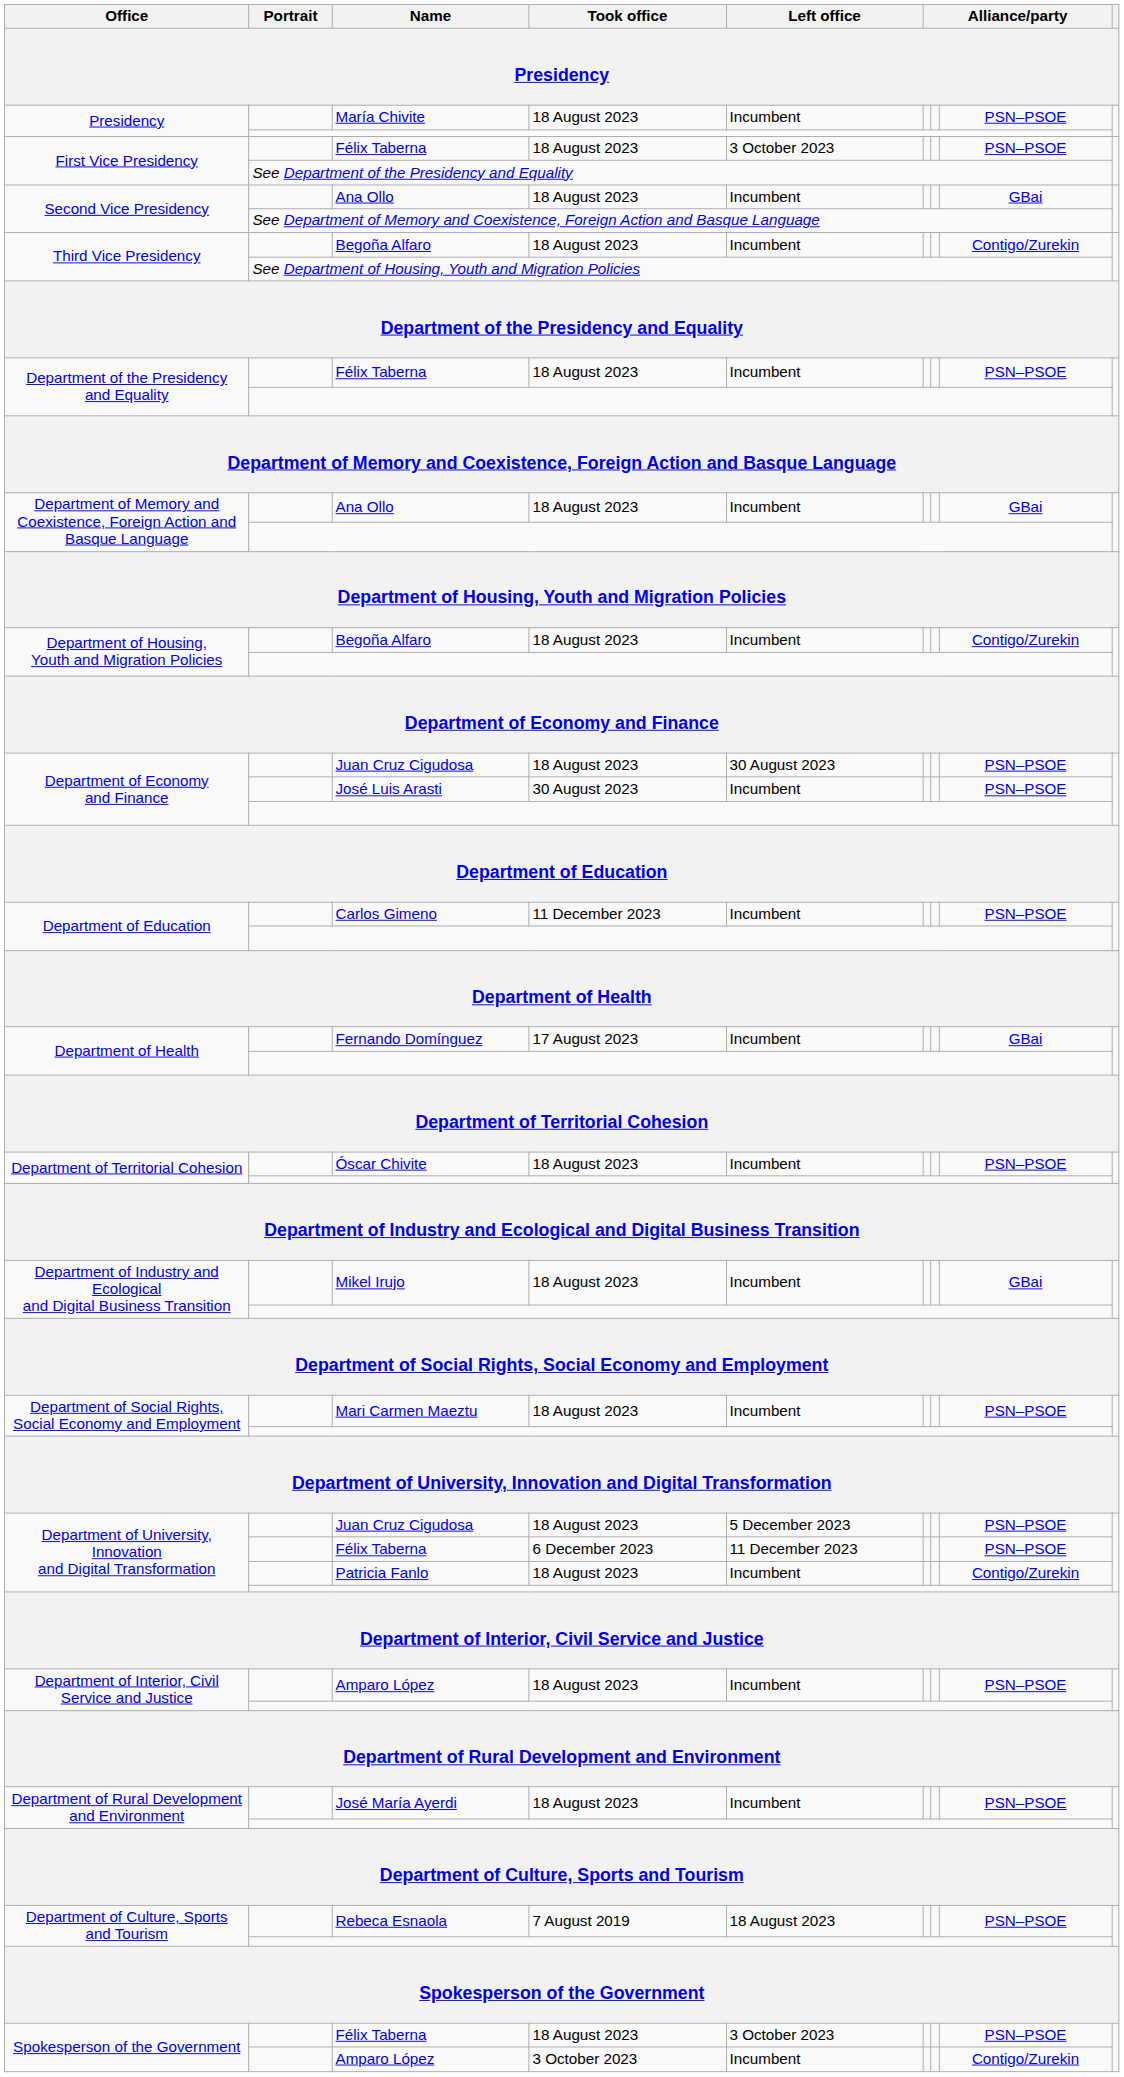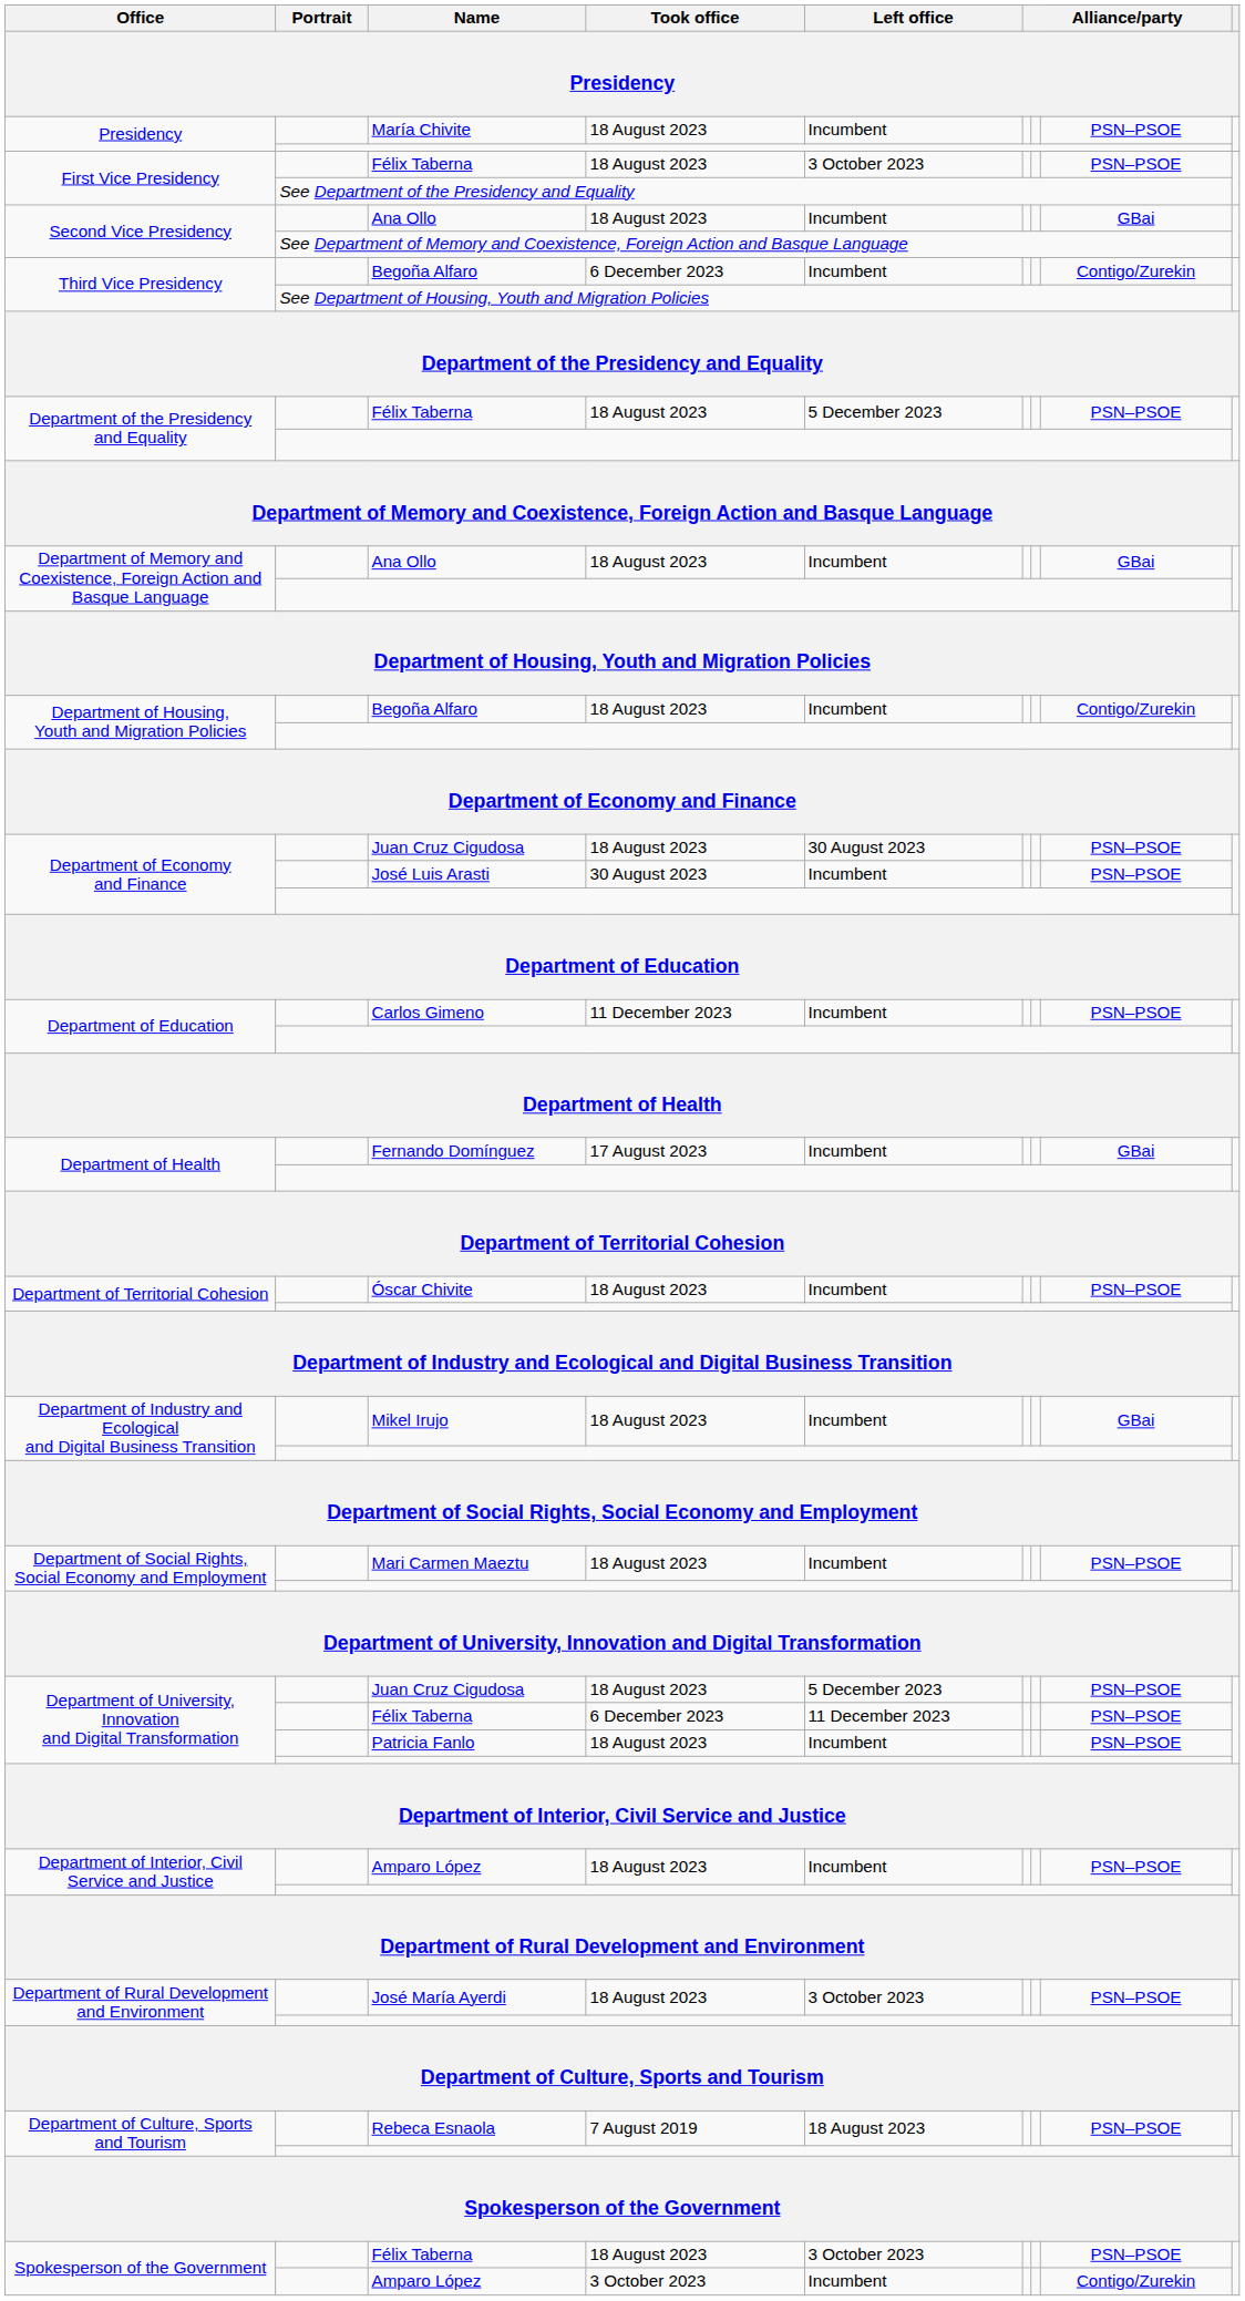 <table class="wikitable" style="line-height:18px;">
 <tr>
 <th scope="col">Office<br></th>
 <th scope="col">Portrait</th>
 <th scope="col">Name</th>
 <th scope="col">Took office</th>
 <th scope="col">Left office</th>
 <th colspan="3" scope="col">Alliance/party</th>
 <th></th>
 </tr>
 <tr>
 <th colspan="9"><br><h3><a href='#'>Presidency</a></h3></th>
 </tr>
 <tr>
 <td align="center" rowspan="2" width="250"><a href='#'>Presidency</a><br></td>
 <td width="80"></td>
 <td width="200"><a href='#'>María Chivite</a></td>
 <td>18 August 2023</td>
 <td width="200">Incumbent</td>
 <td width="1" style="color:inherit;background-color:"></td>
 <td width="1" style="background-color:"></td>
 <td width="175" align="center"><a href='#'>PSN–PSOE</a></td>
 <td align="center" rowspan="2"></td>
 </tr>
 <tr>
 <td colspan="7"></td>
 </tr>
 <tr>
 <td align="center" rowspan="2"><a href='#'>First Vice Presidency</a><br></td>
 <td></td>
 <td><a href='#'>Félix Taberna</a></td>
 <td>18 August 2023</td>
 <td>3 October 2023</td>
 <td style="color:inherit;background-color:"></td>
 <td style="background-color:"></td>
 <td align="center"><a href='#'>PSN–PSOE</a></td>
 <td align="center" rowspan="2"></td>
 </tr>
 <tr>
 <td colspan="7"><em>See <a href='#'>Department of the Presidency and Equality</a></em></td>
 </tr>
 <tr>
 <td align="center" rowspan="2"><a href='#'>Second Vice Presidency</a><br></td>
 <td></td>
 <td><a href='#'>Ana Ollo</a></td>
 <td>18 August 2023</td>
 <td>Incumbent</td>
 <td style="color:inherit;background-color:"></td>
 <td style="background-color:"></td>
 <td align="center"><a href='#'>GBai</a><br></td>
 <td align="center" rowspan="2"></td>
 </tr>
 <tr>
 <td colspan="7"><em>See <a href='#'>Department of Memory and Coexistence, Foreign Action and Basque Language</a></em></td>
 </tr>
 <tr>
 <td align="center" rowspan="2"><a href='#'>Third Vice Presidency</a><br></td>
 <td></td>
 <td><a href='#'>Begoña Alfaro</a></td>
-<td>18 August 2023</td>
+<td>6 December 2023</td>
 <td>Incumbent</td>
 <td style="color:inherit;background-color:"></td>
 <td style="background-color:"></td>
 <td align="center"><a href='#'>Contigo/Zurekin</a><br></td>
 <td align="center" rowspan="2"></td>
 </tr>
 <tr>
 <td colspan="7"><em>See <a href='#'>Department of Housing, Youth and Migration Policies</a></em></td>
 </tr>
 <tr>
 <th colspan="9"><br><h3><a href='#'>Department of the Presidency and Equality</a></h3></th>
 </tr>
 <tr>
 <td align="center" rowspan="2"><a href='#'>Department of the Presidency<br>and Equality</a><br></td>
 <td></td>
 <td><a href='#'>Félix Taberna</a></td>
 <td>18 August 2023</td>
-<td>Incumbent</td>
+<td>5 December 2023<br></td>
 <td style="color:inherit;background-color:"></td>
 <td style="background-color:"></td>
 <td align="center"><a href='#'>PSN–PSOE</a></td>
 <td align="center" rowspan="2"><br><br><br></td>
 </tr>
 <tr>
 <td colspan="7"><br></td>
 </tr>
 <tr>
 <th colspan="9"><br><h3><a href='#'>Department of Memory and Coexistence, Foreign Action and Basque Language</a></h3></th>
 </tr>
 <tr>
 <td align="center" rowspan="2"><a href='#'>Department of Memory and<br>Coexistence, Foreign Action and<br>Basque Language</a><br></td>
 <td></td>
 <td><a href='#'>Ana Ollo</a></td>
 <td>18 August 2023</td>
 <td>Incumbent</td>
 <td style="color:inherit;background-color:"></td>
 <td style="background-color:"></td>
 <td align="center"><a href='#'>GBai</a><br></td>
 <td align="center" rowspan="2"><br><br></td>
 </tr>
 <tr>
 <td colspan="7"><br></td>
 </tr>
 <tr>
 <th colspan="9"><br><h3><a href='#'>Department of Housing, Youth and Migration Policies</a></h3></th>
 </tr>
 <tr>
 <td align="center" rowspan="2"><a href='#'>Department of Housing,<br>Youth and Migration Policies</a><br></td>
 <td></td>
 <td><a href='#'>Begoña Alfaro</a></td>
 <td>18 August 2023</td>
 <td>Incumbent</td>
 <td style="color:inherit;background-color:"></td>
 <td style="background-color:"></td>
 <td align="center"><a href='#'>Contigo/Zurekin</a><br></td>
 <td align="center" rowspan="2"><br><br></td>
 </tr>
 <tr>
 <td colspan="7"><br></td>
 </tr>
 <tr>
 <th colspan="9"><br><h3><a href='#'>Department of Economy and Finance</a></h3></th>
 </tr>
 <tr>
 <td align="center" rowspan="3"><a href='#'>Department of Economy<br>and Finance</a><br></td>
 <td></td>
 <td><a href='#'>Juan Cruz Cigudosa</a><br></td>
 <td>18 August 2023</td>
 <td>30 August 2023</td>
 <td style="color:inherit;background-color:"></td>
 <td style="background-color:"></td>
 <td align="center"><a href='#'>PSN–PSOE</a></td>
 <td align="center" rowspan="3"><br></td>
 </tr>
 <tr>
 <td></td>
 <td><a href='#'>José Luis Arasti</a></td>
 <td>30 August 2023</td>
 <td>Incumbent</td>
 <td style="color:inherit;background-color:"></td>
 <td style="background-color:"></td>
 <td align="center"><a href='#'>PSN–PSOE</a></td>
 </tr>
 <tr>
 <td colspan="7"><br></td>
 </tr>
 <tr>
 <th colspan="9"><br><h3><a href='#'>Department of Education</a></h3></th>
 </tr>
 <tr>
 <td align="center" rowspan="2"><a href='#'>Department of Education</a><br></td>
 <td></td>
 <td><a href='#'>Carlos Gimeno</a></td>
 <td>11 December 2023</td>
 <td>Incumbent</td>
 <td style="color:inherit;background-color:"></td>
 <td style="background-color:"></td>
 <td align="center"><a href='#'>PSN–PSOE</a></td>
 <td align="center" rowspan="2"><br></td>
 </tr>
 <tr>
 <td colspan="7"><br></td>
 </tr>
 <tr>
 <th colspan="9"><br><h3><a href='#'>Department of Health</a></h3></th>
 </tr>
 <tr>
 <td align="center" rowspan="2"><a href='#'>Department of Health</a><br></td>
 <td></td>
 <td><a href='#'>Fernando Domínguez</a></td>
 <td width="200">17 August 2023</td>
 <td>Incumbent</td>
 <td style="color:inherit;background-color:"></td>
 <td style="background-color:"></td>
 <td align="center"><a href='#'>GBai</a><br></td>
 <td align="center" rowspan="2"><br></td>
 </tr>
 <tr>
 <td colspan="7"><br></td>
 </tr>
 <tr>
 <th colspan="9"><br><h3><a href='#'>Department of Territorial Cohesion</a></h3></th>
 </tr>
 <tr>
 <td align="center" rowspan="2"><a href='#'>Department of Territorial Cohesion</a><br></td>
 <td></td>
 <td><a href='#'>Óscar Chivite</a></td>
 <td>18 August 2023</td>
 <td>Incumbent</td>
 <td style="color:inherit;background-color:"></td>
 <td style="background-color:"></td>
 <td align="center"><a href='#'>PSN–PSOE</a></td>
 <td align="center" rowspan="2"><br></td>
 </tr>
 <tr>
 <td colspan="7"></td>
 </tr>
 <tr>
 <th colspan="9"><br><h3><a href='#'>Department of Industry and Ecological and Digital Business Transition</a></h3></th>
 </tr>
 <tr>
 <td align="center" rowspan="2"><a href='#'>Department of Industry and Ecological<br>and Digital Business Transition</a><br></td>
 <td></td>
 <td><a href='#'>Mikel Irujo</a></td>
 <td>18 August 2023</td>
 <td>Incumbent</td>
 <td style="color:inherit;background-color:"></td>
 <td style="background-color:"></td>
 <td align="center"><a href='#'>GBai</a><br></td>
 <td align="center" rowspan="2"><br></td>
 </tr>
 <tr>
 <td colspan="7"></td>
 </tr>
 <tr>
 <th colspan="9"><br><h3><a href='#'>Department of Social Rights, Social Economy and Employment</a></h3></th>
 </tr>
 <tr>
 <td align="center" rowspan="2"><a href='#'>Department of Social Rights,<br>Social Economy and Employment</a><br></td>
 <td></td>
 <td><a href='#'>Mari Carmen Maeztu</a></td>
 <td>18 August 2023</td>
 <td>Incumbent</td>
 <td style="color:inherit;background-color:"></td>
 <td style="background-color:"></td>
 <td align="center"><a href='#'>PSN–PSOE</a></td>
 <td align="center" rowspan="2"><br></td>
 </tr>
 <tr>
 <td colspan="7"></td>
 </tr>
 <tr>
 <th colspan="9"><br><h3><a href='#'>Department of University, Innovation and Digital Transformation</a></h3></th>
 </tr>
 <tr>
 <td align="center" rowspan="4"><a href='#'>Department of University, Innovation<br>and Digital Transformation</a><br></td>
 <td></td>
 <td><a href='#'>Juan Cruz Cigudosa</a></td>
 <td>18 August 2023</td>
 <td>5 December 2023<br></td>
 <td style="color:inherit;background-color:"></td>
 <td style="background-color:"></td>
 <td align="center"><a href='#'>PSN–PSOE</a></td>
 <td align="center" rowspan="4"><br></td>
 </tr>
 <tr>
 <td></td>
 <td><a href='#'>Félix Taberna</a><br></td>
 <td>6 December 2023</td>
 <td>11 December 2023</td>
 <td style="color:inherit;background-color:"></td>
 <td style="background-color:"></td>
 <td align="center"><a href='#'>PSN–PSOE</a></td>
 </tr>
 <tr>
 <td></td>
 <td><a href='#'>Patricia Fanlo</a></td>
 <td>18 August 2023</td>
 <td>Incumbent</td>
 <td style="color:inherit;background-color:"></td>
 <td style="background-color:"></td>
-<td align="center"><a href='#'>Contigo/Zurekin</a><br></td>
+<td align="center"><a href='#'>PSN–PSOE</a></td>
 </tr>
 <tr>
 <td colspan="7"></td>
 </tr>
 <tr>
 <th colspan="9"><br><h3><a href='#'>Department of Interior, Civil Service and Justice</a></h3></th>
 </tr>
 <tr>
 <td align="center" rowspan="2"><a href='#'>Department of Interior, Civil<br>Service and Justice</a><br></td>
 <td></td>
 <td><a href='#'>Amparo López</a></td>
 <td>18 August 2023</td>
 <td>Incumbent</td>
 <td style="color:inherit;background-color:"></td>
 <td style="background-color:"></td>
 <td align="center"><a href='#'>PSN–PSOE</a></td>
 <td align="center" rowspan="2"><br></td>
 </tr>
 <tr>
 <td colspan="7"></td>
 </tr>
 <tr>
 <th colspan="9"><br><h3><a href='#'>Department of Rural Development and Environment</a></h3></th>
 </tr>
 <tr>
 <td align="center" rowspan="2"><a href='#'>Department of Rural Development<br>and Environment</a><br></td>
 <td></td>
 <td><a href='#'>José María Ayerdi</a></td>
 <td>18 August 2023</td>
-<td>Incumbent</td>
+<td>3 October 2023</td>
 <td style="color:inherit;background-color:"></td>
 <td style="background-color:"></td>
 <td align="center"><a href='#'>PSN–PSOE</a></td>
 <td align="center" rowspan="2"><br></td>
 </tr>
 <tr>
 <td colspan="7"></td>
 </tr>
 <tr>
 <th colspan="9"><br><h3><a href='#'>Department of Culture, Sports and Tourism</a></h3></th>
 </tr>
 <tr>
 <td align="center" rowspan="2"><a href='#'>Department of Culture, Sports<br>and Tourism</a><br></td>
 <td></td>
 <td><a href='#'>Rebeca Esnaola</a></td>
 <td>7 August 2019</td>
 <td>18 August 2023</td>
 <td style="color:inherit;background-color:"></td>
 <td style="background-color:"></td>
 <td align="center"><a href='#'>PSN–PSOE</a><br></td>
 <td align="center" rowspan="2"><br></td>
 </tr>
 <tr>
 <td colspan="7"></td>
 </tr>
 <tr>
 <th colspan="9"><br><h3><a href='#'>Spokesperson of the Government</a></h3></th>
 </tr>
 <tr>
 <td align="center" rowspan="2"><a href='#'>Spokesperson of the Government</a><br></td>
 <td></td>
 <td><a href='#'>Félix Taberna</a><br></td>
 <td>18 August 2023</td>
 <td>3 October 2023</td>
 <td style="color:inherit;background-color:"></td>
 <td style="background-color:"></td>
 <td align="center"><a href='#'>PSN–PSOE</a></td>
 <td align="center" rowspan="2"></td>
 </tr>
 <tr>
 <td></td>
 <td><a href='#'>Amparo López</a></td>
 <td>3 October 2023</td>
 <td>Incumbent</td>
 <td style="color:inherit;background-color:"></td>
 <td style="background-color:"></td>
 <td align="center"><a href='#'>Contigo/Zurekin</a><br></td>
 </tr>
 </table>
